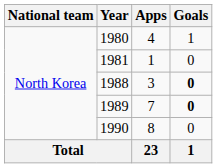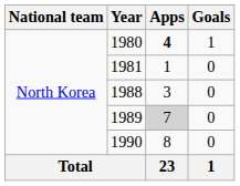 <table class="wikitable" style="text-align:center">
 <tr>
 <th>National team</th>
 <th>Year</th>
 <th>Apps</th>
 <th>Goals</th>
 </tr>
 <tr>
 <td rowspan="5"><a href='#'>North Korea</a></td>
 <td>1980</td>
-<td>4</td>
+<td><strong>4</strong></td>
 <td>1</td>
 </tr>
 <tr>
 <td>1981</td>
 <td>1</td>
 <td>0</td>
 </tr>
 <tr>
 <td>1988</td>
 <td>3</td>
-<td><strong>0</strong></td>
+<td>0</td>
 </tr>
 <tr>
 <td>1989</td>
-<td>7</td>
-<td><strong>0</strong></td>
+<td style="background: lightgrey;">7</td>
+<td>0</td>
 </tr>
 <tr>
 <td>1990</td>
 <td>8</td>
 <td>0</td>
 </tr>
 <tr>
 <th colspan=2>Total</th>
 <th>23</th>
 <th>1</th>
 </tr>
 </table>
